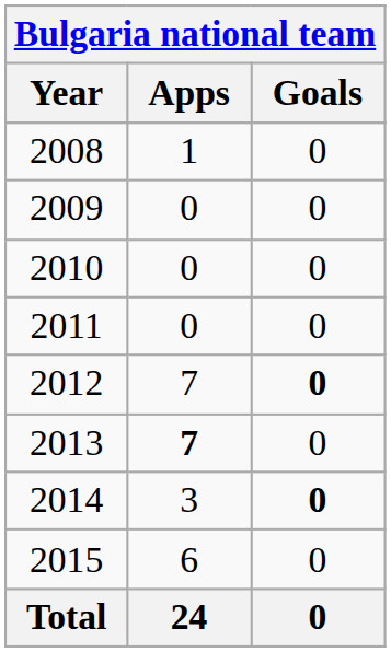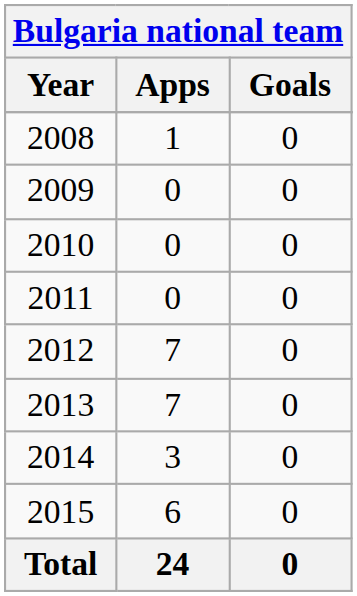 <table class="wikitable" style="text-align:center">
 <tr>
 <th colspan=3><a href='#'>Bulgaria national team</a></th>
 </tr>
 <tr>
 <th>Year</th>
 <th>Apps</th>
 <th>Goals</th>
 </tr>
 <tr>
 </tr>
 <tr>
 <td>2008</td>
 <td>1</td>
 <td>0</td>
 </tr>
 <tr>
 <td>2009</td>
 <td>0</td>
 <td>0</td>
 </tr>
 <tr>
 <td>2010</td>
 <td>0</td>
 <td>0</td>
 </tr>
 <tr>
 <td>2011</td>
 <td>0</td>
 <td>0</td>
 </tr>
 <tr>
 <td>2012</td>
 <td>7</td>
-<td><strong>0</strong></td>
+<td>0</td>
 </tr>
 <tr>
 <td>2013</td>
-<td><strong>7</strong></td>
+<td>7</td>
 <td>0</td>
 </tr>
 <tr>
 <td>2014</td>
 <td>3</td>
-<td><strong>0</strong></td>
+<td>0</td>
 </tr>
 <tr>
 <td>2015</td>
 <td>6</td>
 <td>0</td>
 </tr>
 <tr>
 <th>Total</th>
 <th>24</th>
 <th>0</th>
 </tr>
 </table>
